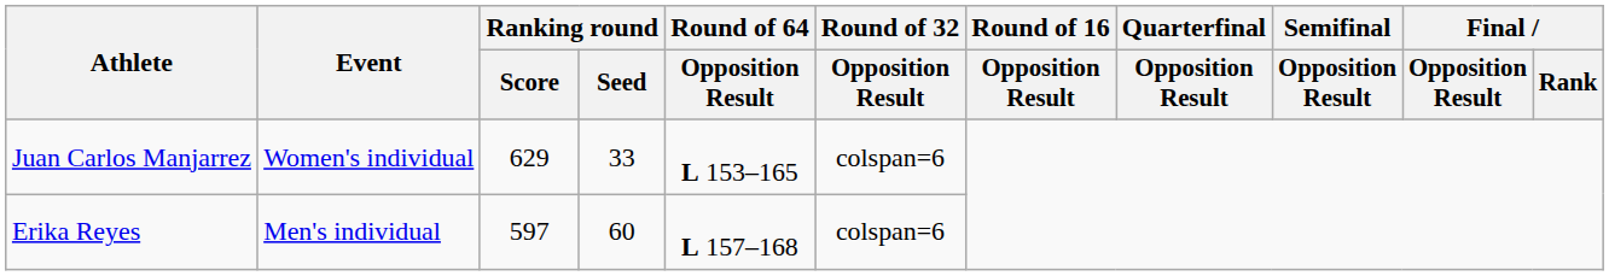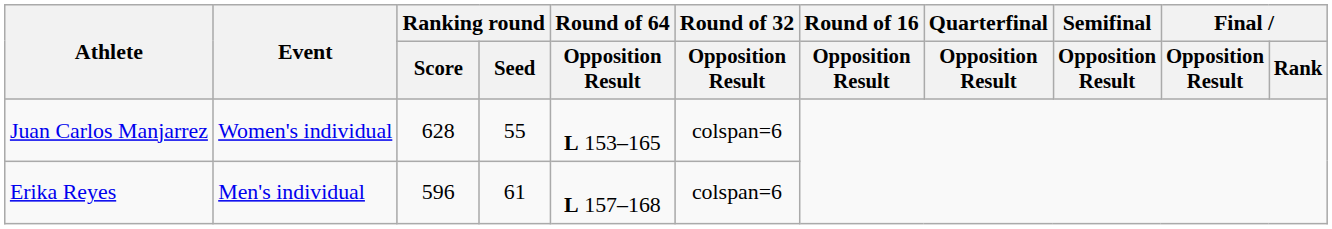 <table class=wikitable style=font-size:90%;text-align:center>
 <tr>
 <th rowspan=2>Athlete</th>
 <th rowspan=2>Event</th>
 <th colspan=2>Ranking round</th>
 <th>Round of 64</th>
 <th>Round of 32</th>
 <th>Round of 16</th>
 <th>Quarterfinal</th>
 <th>Semifinal</th>
 <th colspan=2>Final / </th>
 </tr>
 <tr style=font-size:95%>
 <th>Score</th>
 <th>Seed</th>
 <th>Opposition<br>Result</th>
 <th>Opposition<br>Result</th>
 <th>Opposition<br>Result</th>
 <th>Opposition<br>Result</th>
 <th>Opposition<br>Result</th>
 <th>Opposition<br>Result</th>
 <th>Rank</th>
 </tr>
 <tr>
 <td align=left><a href='#'>Juan Carlos Manjarrez</a></td>
 <td align=left><a href='#'>Women's individual</a></td>
-<td>629</td>
-<td>33</td>
+<td>628</td>
+<td>55</td>
 <td><br><strong>L</strong> 153–165</td>
 <td>colspan=6 </td>
 </tr>
 <tr>
 <td align=left><a href='#'>Erika Reyes</a></td>
 <td align=left><a href='#'>Men's individual</a></td>
-<td>597</td>
-<td>60</td>
+<td>596</td>
+<td>61</td>
 <td><br><strong>L</strong> 157–168</td>
 <td>colspan=6 </td>
 </tr>
 </table>
